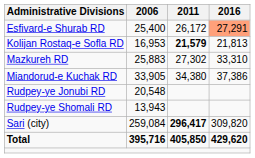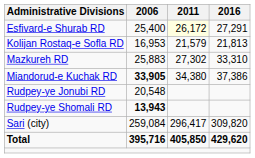 <table class="wikitable">
 <tr>
 <th>Administrative Divisions</th>
 <th>2006</th>
 <th>2011</th>
 <th>2016</th>
 </tr>
 <tr>
 <td><a href='#'>Esfivard-e Shurab RD</a></td>
 <td style="text-align: right;">25,400</td>
-<td style="text-align: right;">26,172</td>
-<td style="background: lightsalmon; text-align: right;">27,291</td>
+<td style="background: lightyellow; text-align: right;">26,172</td>
+<td style="text-align: right;">27,291</td>
 </tr>
 <tr>
 <td><a href='#'>Kolijan Rostaq-e Sofla RD</a></td>
 <td style="text-align: right;">16,953</td>
-<td style="text-align: right;"><strong>21,579</strong></td>
+<td style="text-align: right;">21,579</td>
 <td style="text-align: right;">21,813</td>
 </tr>
 <tr>
 <td><a href='#'>Mazkureh RD</a></td>
 <td style="text-align: right;">25,883</td>
 <td style="text-align: right;">27,302</td>
 <td style="text-align: right;">33,310</td>
 </tr>
 <tr>
 <td><a href='#'>Miandorud-e Kuchak RD</a></td>
-<td style="text-align: right;">33,905</td>
+<td style="text-align: right;"><strong>33,905</strong></td>
 <td style="text-align: right;">34,380</td>
 <td style="text-align: right;">37,386</td>
 </tr>
 <tr>
 <td><a href='#'>Rudpey-ye Jonubi RD</a></td>
 <td style="text-align: right;">20,548</td>
 <td style="text-align: right;"></td>
 <td style="text-align: right;"></td>
 </tr>
 <tr>
 <td><a href='#'>Rudpey-ye Shomali RD</a></td>
-<td style="text-align: right;">13,943</td>
+<td style="text-align: right;"><strong>13,943</strong></td>
 <td style="text-align: right;"></td>
 <td style="text-align: right;"></td>
 </tr>
 <tr>
 <td><a href='#'>Sari</a> (city)</td>
 <td style="text-align: right;">259,084</td>
-<td style="text-align: right;"><strong>296,417</strong></td>
+<td style="text-align: right;">296,417</td>
 <td style="text-align: right;">309,820</td>
 </tr>
 <tr>
 <td><strong>Total</strong></td>
 <td style="text-align: right;"><strong>395,716</strong></td>
 <td style="text-align: right;"><strong>405,850</strong></td>
 <td style="text-align: right;"><strong>429,620</strong></td>
 </tr>
 <tr>
 <td colspan=4></td>
 </tr>
 </table>
